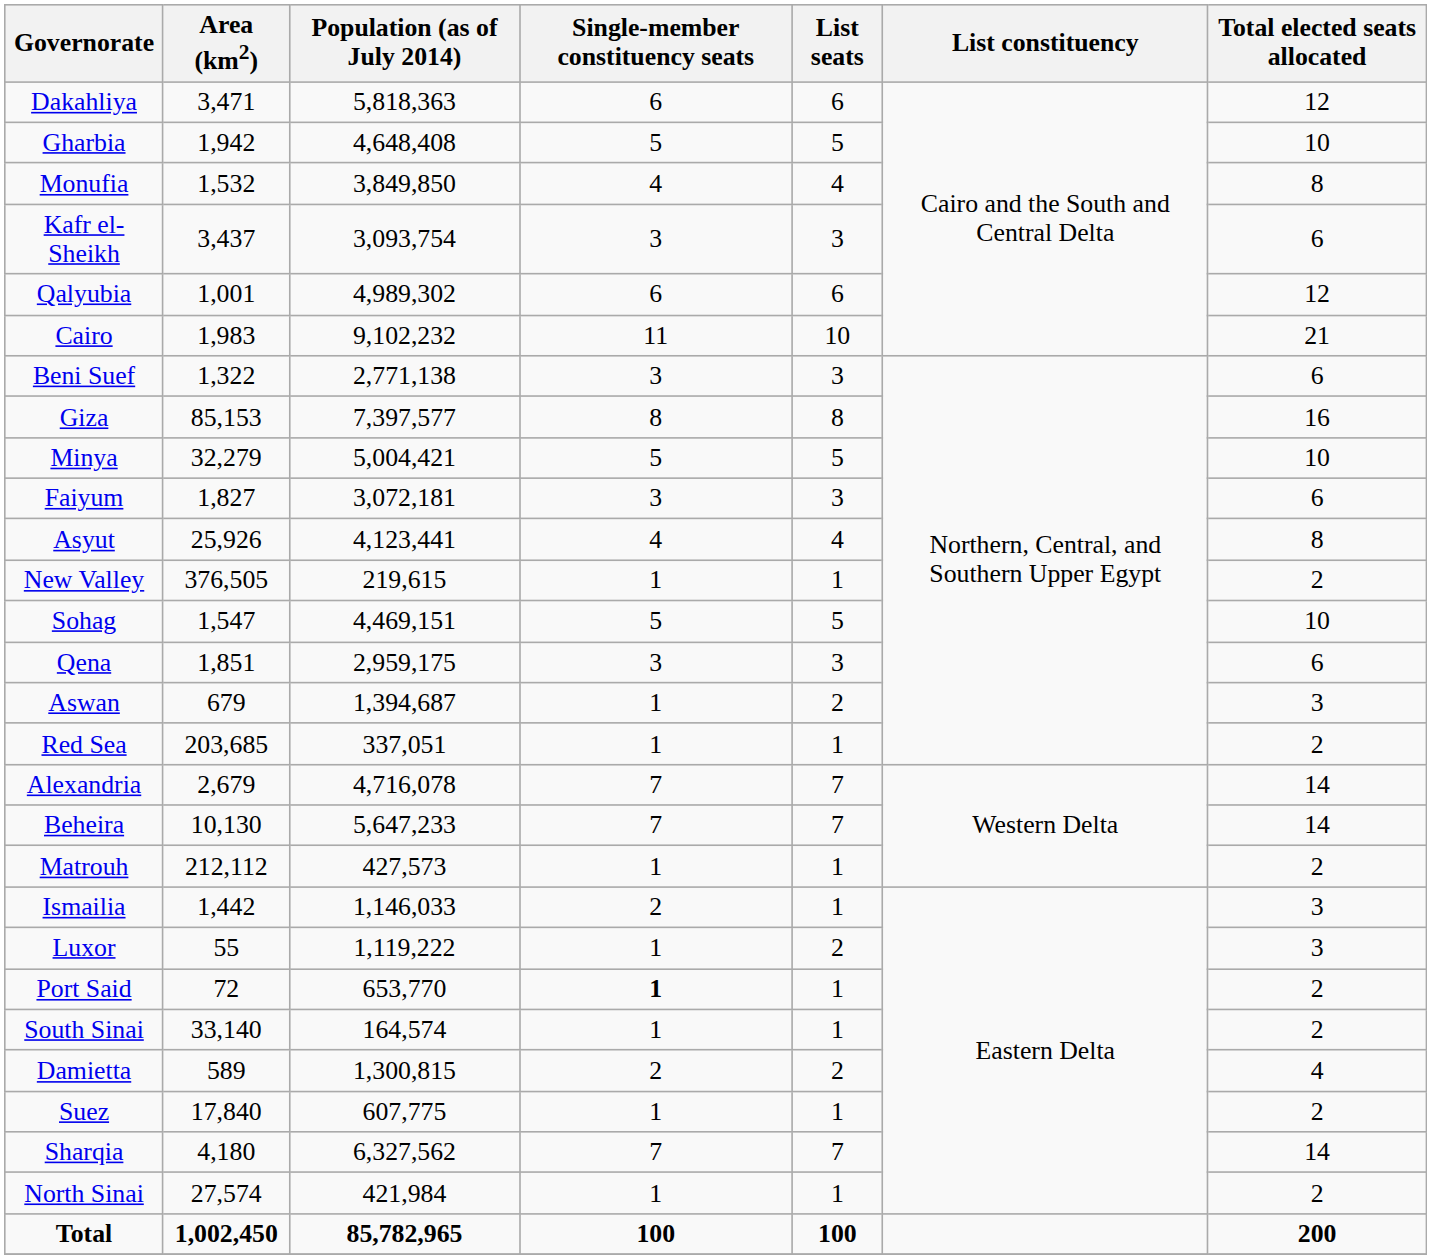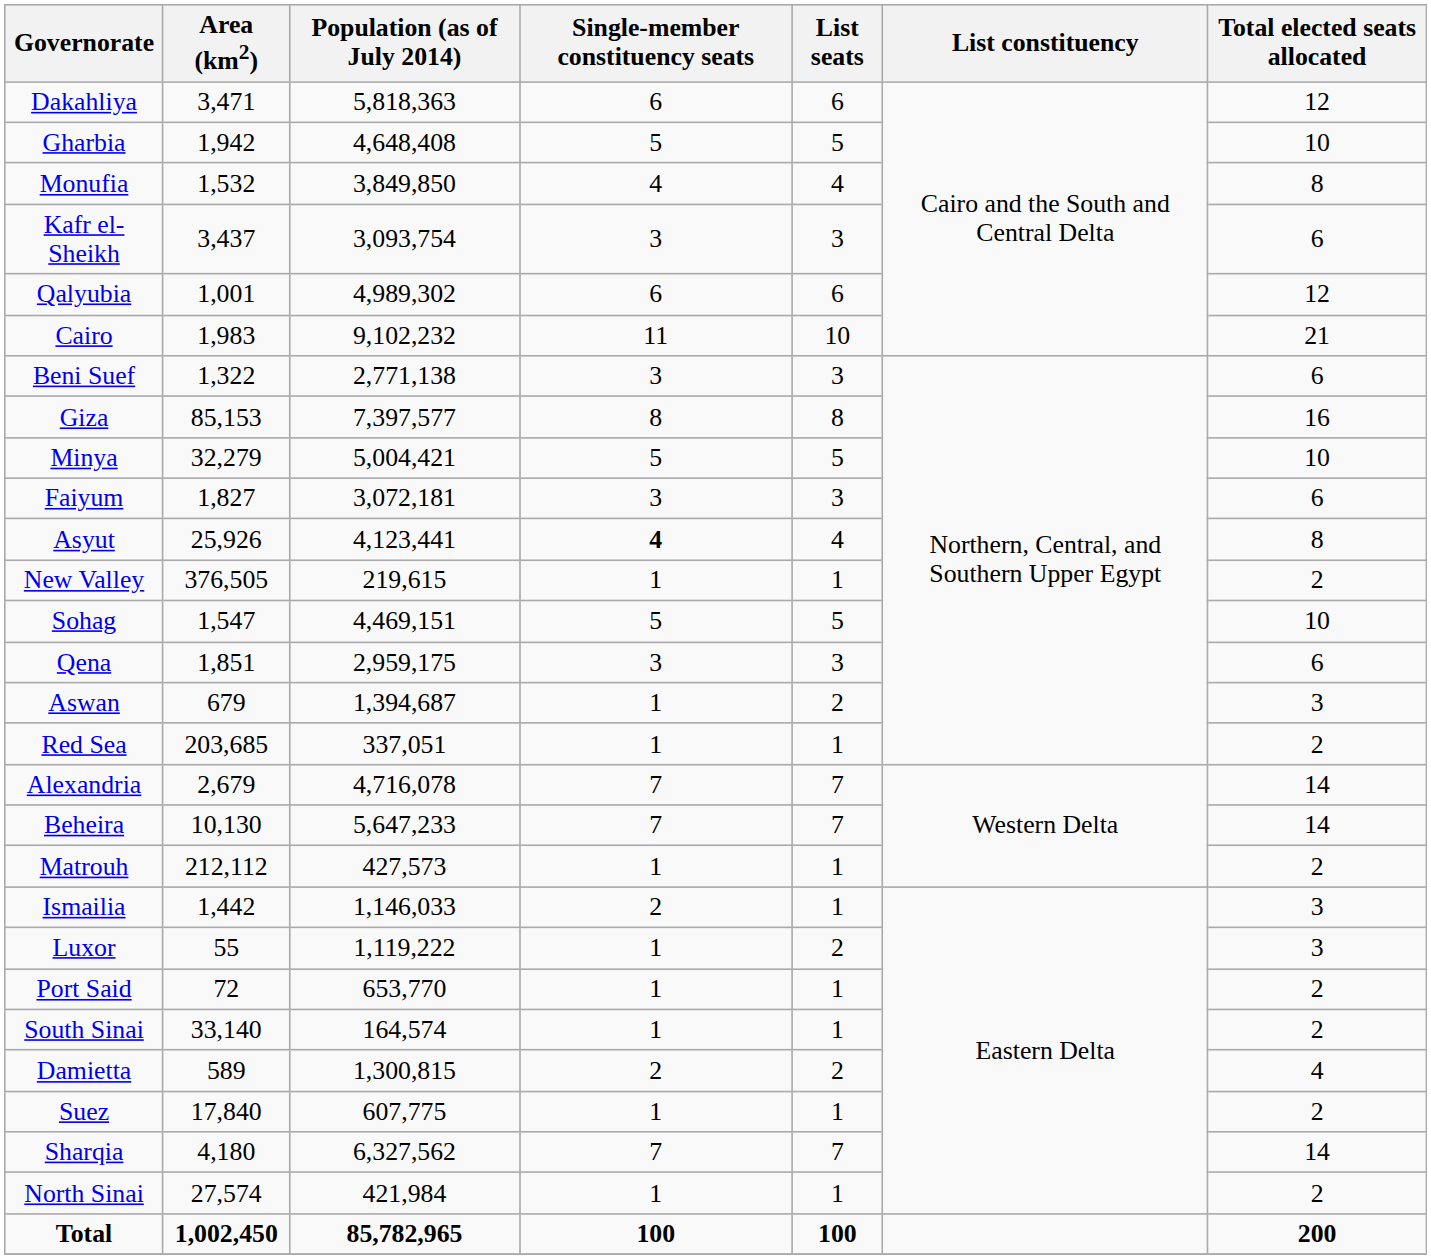 <table class="wikitable sortable" width="100%" style="text-align:center">
 <tr>
 <th>Governorate</th>
 <th>Area (km<sup>2</sup>)</th>
 <th>Population (as of July 2014)</th>
 <th>Single-member constituency seats</th>
 <th>List seats</th>
 <th>List constituency</th>
 <th>Total elected seats allocated</th>
 </tr>
 <tr>
 <td><a href='#'>Dakahliya</a></td>
 <td scope="row" style="text-align:center">3,471</td>
 <td scope="row" style="text-align:center">5,818,363</td>
 <td scope="row" style="text-align:center">6</td>
 <td scope="row" style="text-align:center">6</td>
 <td rowspan="6">Cairo and the South and Central Delta</td>
 <td scope="row" style="text-align:center">12</td>
 </tr>
 <tr>
 <td><a href='#'>Gharbia</a></td>
 <td scope="row" style="text-align:center">1,942</td>
 <td scope="row" style="text-align:center">4,648,408</td>
 <td scope="row" style="text-align:center">5</td>
 <td scope="row" style="text-align:center">5</td>
 <td scope="row" style="text-align:center">10</td>
 </tr>
 <tr>
 <td><a href='#'>Monufia</a></td>
 <td scope="row" style="text-align:center">1,532</td>
 <td scope="row" style="text-align:center">3,849,850</td>
 <td scope="row" style="text-align:center">4</td>
 <td scope="row" style="text-align:center">4</td>
 <td scope="row" style="text-align:center">8</td>
 </tr>
 <tr>
 <td><a href='#'>Kafr el-Sheikh</a></td>
 <td scope="row" style="text-align:center">3,437</td>
 <td scope="row" style="text-align:center">3,093,754</td>
 <td scope="row" style="text-align:center">3</td>
 <td scope="row" style="text-align:center">3</td>
 <td scope="row" style="text-align:center">6</td>
 </tr>
 <tr>
 <td><a href='#'>Qalyubia</a></td>
 <td scope="row" style="text-align:center">1,001</td>
 <td scope="row" style="text-align:center">4,989,302</td>
 <td scope="row" style="text-align:center">6</td>
 <td scope="row" style="text-align:center">6</td>
 <td scope="row" style="text-align:center">12</td>
 </tr>
 <tr>
 <td><a href='#'>Cairo</a></td>
 <td scope="row" style="text-align:center">1,983</td>
 <td scope="row" style="text-align:center">9,102,232</td>
 <td scope="row" style="text-align:center">11</td>
 <td scope="row" style="text-align:center">10</td>
 <td scope="row" style="text-align:center">21</td>
 </tr>
 <tr>
 <td><a href='#'>Beni Suef</a></td>
 <td scope="row" style="text-align:center">1,322</td>
 <td scope="row" style="text-align:center">2,771,138</td>
 <td scope="row" style="text-align:center">3</td>
 <td scope="row" style="text-align:center">3</td>
 <td rowspan="10">Northern, Central, and Southern Upper Egypt</td>
 <td scope="row" style="text-align:center">6</td>
 </tr>
 <tr>
 <td><a href='#'>Giza</a></td>
 <td scope="row" style="text-align:center">85,153</td>
 <td scope="row" style="text-align:center">7,397,577</td>
 <td scope="row" style="text-align:center">8</td>
 <td scope="row" style="text-align:center">8</td>
 <td scope="row" style="text-align:center">16</td>
 </tr>
 <tr>
 <td><a href='#'>Minya</a></td>
 <td scope="row" style="text-align:center">32,279</td>
 <td scope="row" style="text-align:center">5,004,421</td>
 <td scope="row" style="text-align:center">5</td>
 <td scope="row" style="text-align:center">5</td>
 <td scope="row" style="text-align:center">10</td>
 </tr>
 <tr>
 <td><a href='#'>Faiyum</a></td>
 <td scope="row" style="text-align:center">1,827</td>
 <td scope="row" style="text-align:center">3,072,181</td>
 <td scope="row" style="text-align:center">3</td>
 <td scope="row" style="text-align:center">3</td>
 <td scope="row" style="text-align:center">6</td>
 </tr>
 <tr>
 <td><a href='#'>Asyut</a></td>
 <td scope="row" style="text-align:center">25,926</td>
 <td scope="row" style="text-align:center">4,123,441</td>
-<td scope="row" style="text-align:center">4</td>
+<td scope="row" style="text-align:center"><strong>4</strong></td>
 <td scope="row" style="text-align:center">4</td>
 <td scope="row" style="text-align:center">8</td>
 </tr>
 <tr>
 <td><a href='#'>New Valley</a></td>
 <td scope="row" style="text-align:center">376,505</td>
 <td scope="row" style="text-align:center">219,615</td>
 <td scope="row" style="text-align:center">1</td>
 <td scope="row" style="text-align:center">1</td>
 <td scope="row" style="text-align:center">2</td>
 </tr>
 <tr>
 <td><a href='#'>Sohag</a></td>
 <td scope="row" style="text-align:center">1,547</td>
 <td scope="row" style="text-align:center">4,469,151</td>
 <td scope="row" style="text-align:center">5</td>
 <td scope="row" style="text-align:center">5</td>
 <td scope="row" style="text-align:center">10</td>
 </tr>
 <tr>
 <td><a href='#'>Qena</a></td>
 <td scope="row" style="text-align:center">1,851</td>
 <td scope="row" style="text-align:center">2,959,175</td>
 <td scope="row" style="text-align:center">3</td>
 <td scope="row" style="text-align:center">3</td>
 <td scope="row" style="text-align:center">6</td>
 </tr>
 <tr>
 <td><a href='#'>Aswan</a></td>
 <td scope="row" style="text-align:center">679</td>
 <td scope="row" style="text-align:center">1,394,687</td>
 <td scope="row" style="text-align:center">1</td>
 <td scope="row" style="text-align:center">2</td>
 <td scope="row" style="text-align:center">3</td>
 </tr>
 <tr>
 <td><a href='#'>Red Sea</a></td>
 <td scope="row" style="text-align:center">203,685</td>
 <td scope="row" style="text-align:center">337,051</td>
 <td scope="row" style="text-align:center">1</td>
 <td scope="row" style="text-align:center">1</td>
 <td scope="row" style="text-align:center">2</td>
 </tr>
 <tr>
 <td><a href='#'>Alexandria</a></td>
 <td scope="row" style="text-align:center">2,679</td>
 <td scope="row" style="text-align:center">4,716,078</td>
 <td scope="row" style="text-align:center">7</td>
 <td scope="row" style="text-align:center">7</td>
 <td rowspan="3">Western Delta</td>
 <td scope="row" style="text-align:center">14</td>
 </tr>
 <tr>
 <td><a href='#'>Beheira</a></td>
 <td scope="row" style="text-align:center">10,130</td>
 <td scope="row" style="text-align:center">5,647,233</td>
 <td scope="row" style="text-align:center">7</td>
 <td scope="row" style="text-align:center">7</td>
 <td scope="row" style="text-align:center">14</td>
 </tr>
 <tr>
 <td><a href='#'>Matrouh</a></td>
 <td scope="row" style="text-align:center">212,112</td>
 <td scope="row" style="text-align:center">427,573</td>
 <td scope="row" style="text-align:center">1</td>
 <td scope="row" style="text-align:center">1</td>
 <td scope="row" style="text-align:center">2</td>
 </tr>
 <tr>
 <td><a href='#'>Ismailia</a></td>
 <td scope="row" style="text-align:center">1,442</td>
 <td scope="row" style="text-align:center">1,146,033</td>
 <td scope="row" style="text-align:center">2</td>
 <td scope="row" style="text-align:center">1</td>
 <td rowspan="8">Eastern Delta</td>
 <td scope="row" style="text-align:center">3</td>
 </tr>
 <tr>
 <td><a href='#'>Luxor</a></td>
 <td scope="row" style="text-align:center">55</td>
 <td scope="row" style="text-align:center">1,119,222</td>
 <td scope="row" style="text-align:center">1</td>
 <td scope="row" style="text-align:center">2</td>
 <td scope="row" style="text-align:center">3</td>
 </tr>
 <tr>
 <td><a href='#'>Port Said</a></td>
 <td scope="row" style="text-align:center">72</td>
 <td scope="row" style="text-align:center">653,770</td>
-<td scope="row" style="text-align:center"><strong>1</strong></td>
+<td scope="row" style="text-align:center">1</td>
 <td scope="row" style="text-align:center">1</td>
 <td scope="row" style="text-align:center">2</td>
 </tr>
 <tr>
 <td><a href='#'>South Sinai</a></td>
 <td scope="row" style="text-align:center">33,140</td>
 <td scope="row" style="text-align:center">164,574</td>
 <td scope="row" style="text-align:center">1</td>
 <td scope="row" style="text-align:center">1</td>
 <td scope="row" style="text-align:center">2</td>
 </tr>
 <tr>
 <td><a href='#'>Damietta</a></td>
 <td scope="row" style="text-align:center">589</td>
 <td scope="row" style="text-align:center">1,300,815</td>
 <td scope="row" style="text-align:center">2</td>
 <td scope="row" style="text-align:center">2</td>
 <td scope="row" style="text-align:center">4</td>
 </tr>
 <tr>
 <td><a href='#'>Suez</a></td>
 <td scope="row" style="text-align:center">17,840</td>
 <td scope="row" style="text-align:center">607,775</td>
 <td scope="row" style="text-align:center">1</td>
 <td scope="row" style="text-align:center">1</td>
 <td scope="row" style="text-align:center">2</td>
 </tr>
 <tr>
 <td><a href='#'>Sharqia</a></td>
 <td scope="row" style="text-align:center">4,180</td>
 <td scope="row" style="text-align:center">6,327,562</td>
 <td scope="row" style="text-align:center">7</td>
 <td scope="row" style="text-align:center">7</td>
 <td scope="row" style="text-align:center">14</td>
 </tr>
 <tr>
 <td><a href='#'>North Sinai</a></td>
 <td scope="row" style="text-align:center">27,574</td>
 <td scope="row" style="text-align:center">421,984</td>
 <td scope="row" style="text-align:center">1</td>
 <td scope="row" style="text-align:center">1</td>
 <td scope="row" style="text-align:center">2</td>
 </tr>
 <tr class="sortbottom">
 <td><strong>Total</strong></td>
 <td scope="row" style="text-align:center"><strong>1,002,450</strong></td>
 <td scope="row" style="text-align:center"><strong>85,782,965</strong></td>
 <td scope="row" style="text-align:center"><strong>100</strong></td>
 <td scope="row" style="text-align:center"><strong>100</strong></td>
 <td></td>
 <td scope="row" style="text-align:center"><strong>200</strong></td>
 </tr>
 <tr>
 </tr>
 </table>
